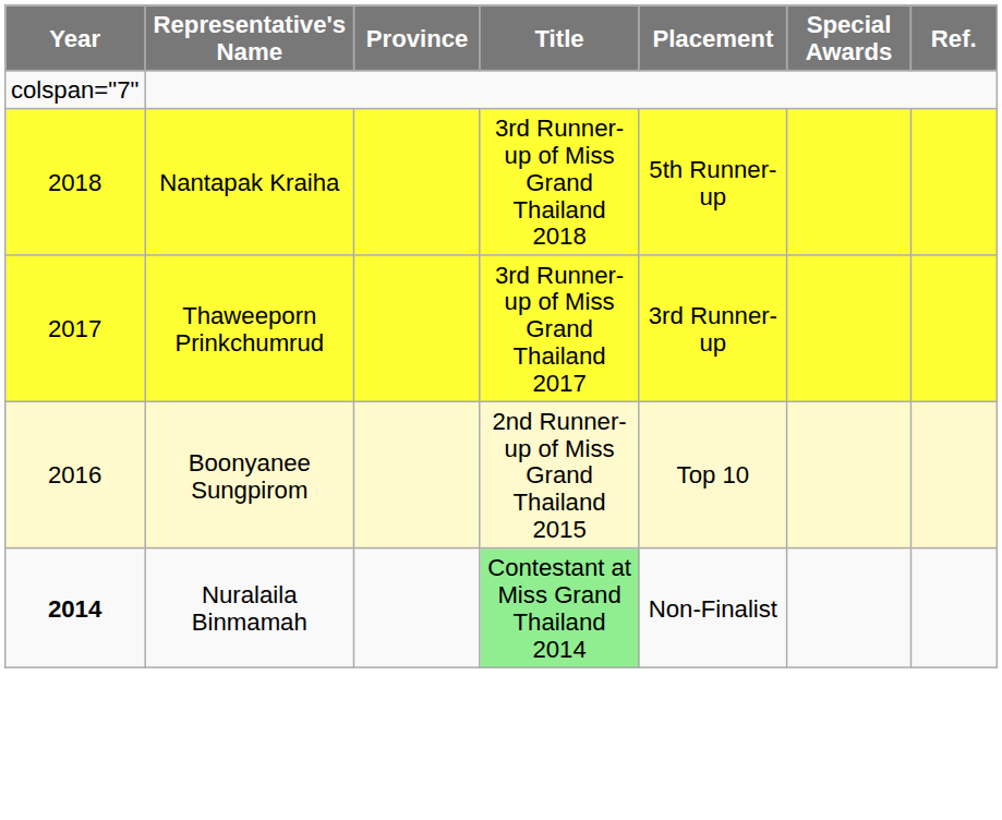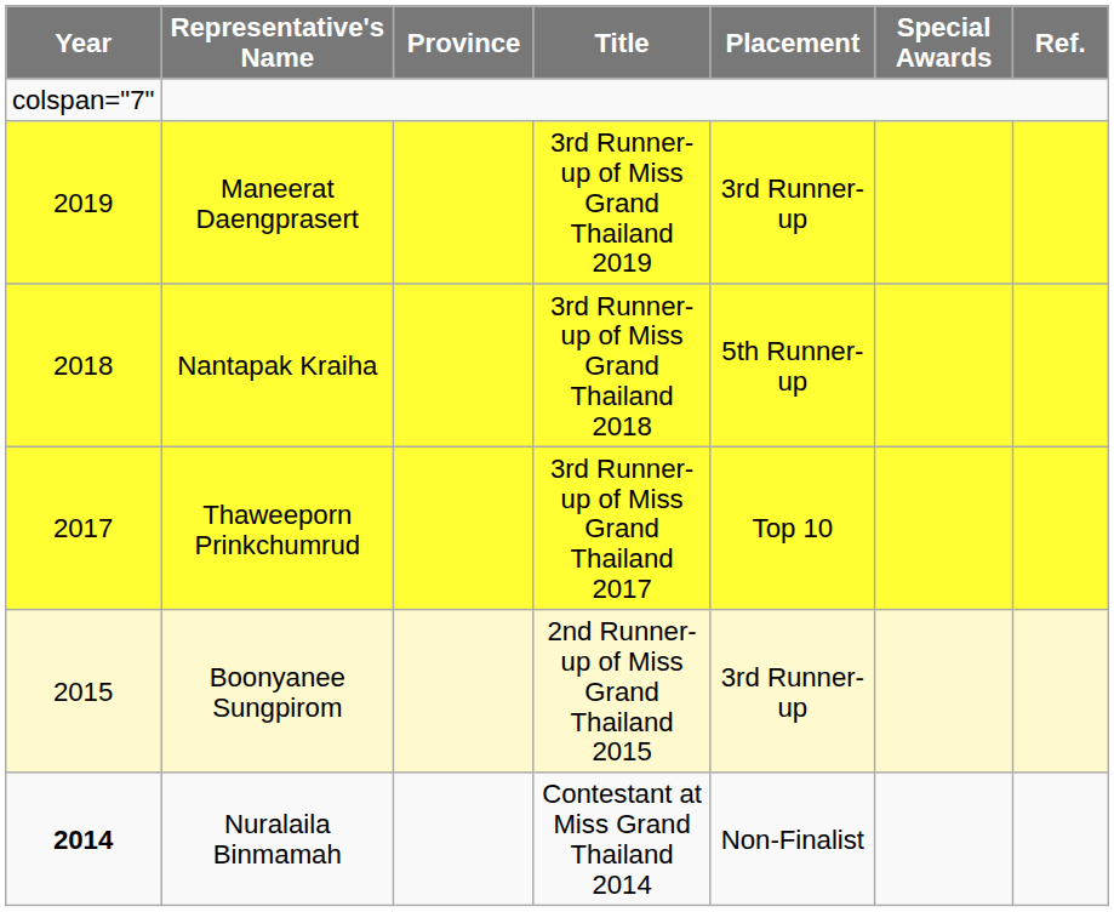 <table class="wikitable" style="font-size: 95%; text-align:center; width: 100%">
 <tr>
 <th width="60" style="background-color:#787878;color:#FFFFFF;">Year</th>
 <th width="170" style="background-color:#787878;color:#FFFFFF;">Representative's Name</th>
 <th width="160" style="background-color:#787878;color:#FFFFFF;">Province</th>
 <th width="320" style="background-color:#787878;color:#FFFFFF;">Title</th>
 <th width="200" style="background-color:#787878;color:#FFFFFF;">Placement</th>
 <th width="260" style="background-color:#787878;color:#FFFFFF;">Special Awards</th>
 <th width="260" style="background-color:#787878;color:#FFFFFF;">Ref.</th>
 </tr>
 <tr>
 <td>colspan="7" </td>
+</tr>
+<tr style="background-color:#FFFF33; ">
+<td>2019</td>
+<td>Maneerat Daengprasert</td>
+<td></td>
+<td>3rd Runner-up of Miss Grand Thailand 2019</td>
+<td>3rd Runner-up</td>
+<td style="background:;"></td>
+<td></td>
 </tr>
 <tr style="background-color:#FFFF33; ">
 <td>2018</td>
 <td>Nantapak Kraiha</td>
 <td></td>
 <td>3rd Runner-up of Miss Grand Thailand 2018</td>
 <td>5th Runner-up</td>
 <td style="background:;"></td>
 <td></td>
 </tr>
 <tr style="background-color:#FFFF33; ">
 <td>2017</td>
 <td>Thaweeporn Prinkchumrud</td>
 <td></td>
 <td>3rd Runner-up of Miss Grand Thailand 2017</td>
-<td>3rd Runner-up</td>
+<td>Top 10</td>
 <td style="background:;"></td>
 <td></td>
 </tr>
 <tr style="background-color:#FFFACD; ">
-<td>2016</td>
+<td>2015</td>
 <td>Boonyanee Sungpirom</td>
 <td></td>
 <td>2nd Runner-up of Miss Grand Thailand 2015</td>
-<td>Top 10</td>
+<td>3rd Runner-up</td>
 <td style="background:;"></td>
 <td></td>
 </tr>
 <tr>
 <td><strong>2014</strong></td>
 <td>Nuralaila Binmamah</td>
 <td></td>
-<td style="background: lightgreen;">Contestant at Miss Grand Thailand 2014</td>
+<td>Contestant at Miss Grand Thailand 2014</td>
 <td>Non-Finalist</td>
 <td style="background:;"></td>
 <td></td>
 </tr>
 </table>
